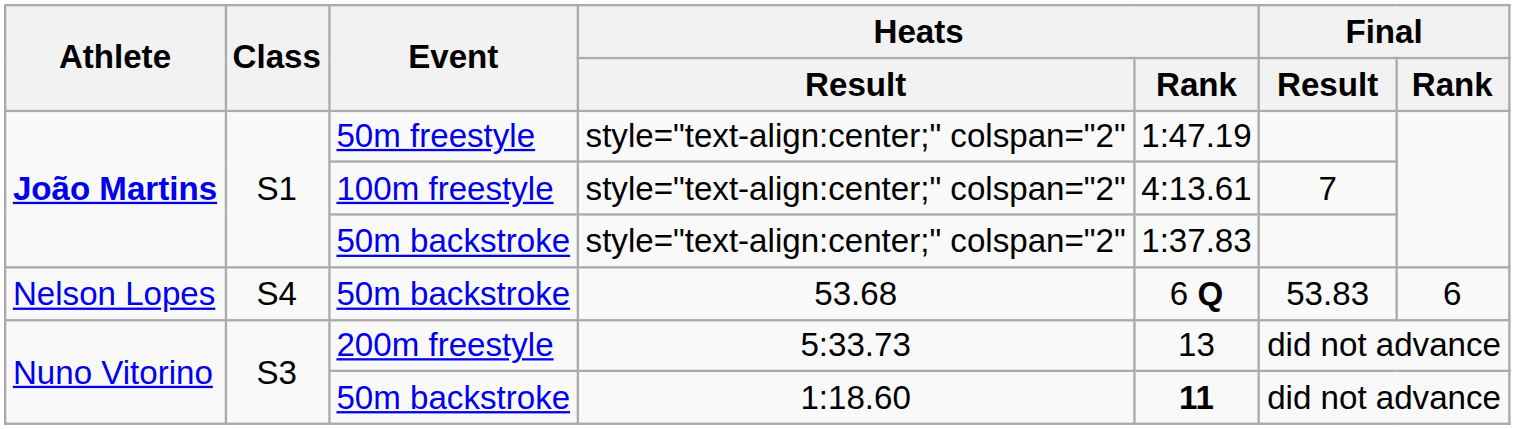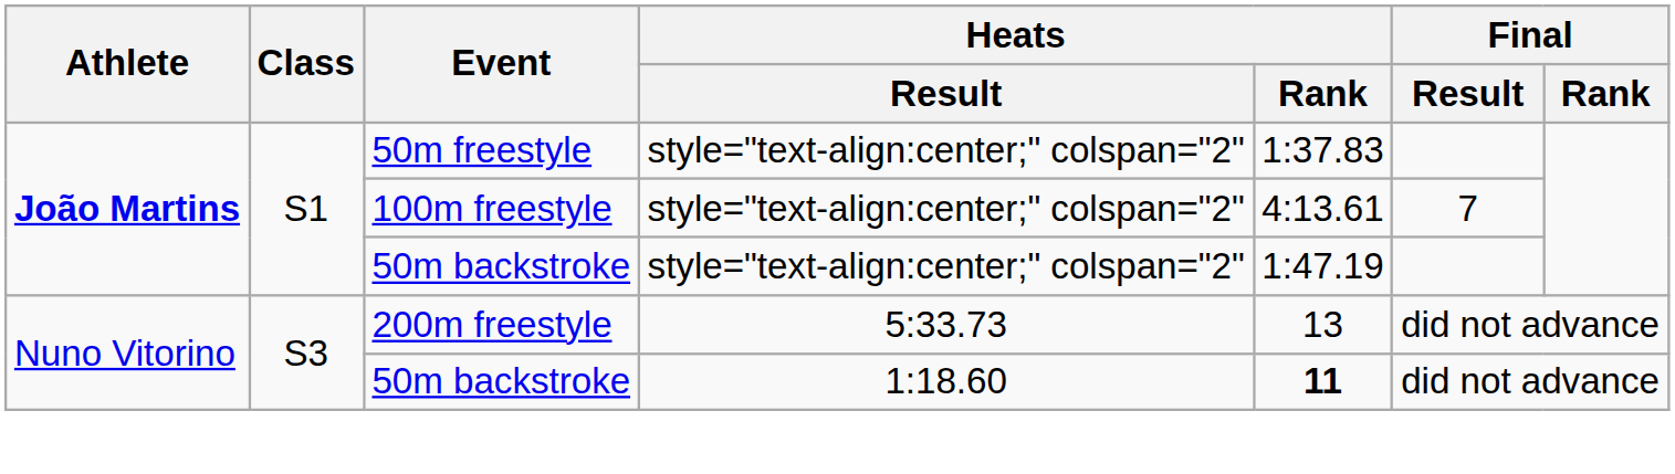 <table class=wikitable style="font-size:90%">
 <tr>
 <th rowspan="2">Athlete</th>
 <th rowspan="2">Class</th>
 <th rowspan="2">Event</th>
 <th colspan="2">Heats</th>
 <th colspan="2">Final</th>
 </tr>
 <tr>
 <th>Result</th>
 <th>Rank</th>
 <th>Result</th>
 <th>Rank</th>
 </tr>
 <tr>
 <td rowspan="3"><strong><a href='#'>João Martins</a></strong></td>
 <td rowspan="3" style="text-align:center;">S1</td>
 <td><a href='#'>50m freestyle</a></td>
 <td>style="text-align:center;" colspan="2" </td>
-<td style="text-align:center;">1:47.19</td>
+<td style="text-align:center;">1:37.83</td>
 <td style="text-align:center;"></td>
 </tr>
 <tr>
 <td><a href='#'>100m freestyle</a></td>
 <td>style="text-align:center;" colspan="2" </td>
 <td style="text-align:center;">4:13.61</td>
 <td style="text-align:center;">7</td>
 </tr>
 <tr>
 <td><a href='#'>50m backstroke</a></td>
 <td>style="text-align:center;" colspan="2" </td>
-<td style="text-align:center;">1:37.83</td>
+<td style="text-align:center;">1:47.19</td>
 <td style="text-align:center;"></td>
-</tr>
-<tr>
-<td><a href='#'>Nelson Lopes</a></td>
-<td style="text-align:center;">S4</td>
-<td><a href='#'>50m backstroke</a></td>
-<td style="text-align:center;">53.68</td>
-<td style="text-align:center;">6 <strong>Q</strong></td>
-<td style="text-align:center;">53.83</td>
-<td style="text-align:center;">6</td>
 </tr>
 <tr>
 <td rowspan="2"><a href='#'>Nuno Vitorino</a></td>
 <td rowspan="2" style="text-align:center;">S3</td>
 <td><a href='#'>200m freestyle</a></td>
 <td style="text-align:center;">5:33.73</td>
 <td style="text-align:center;">13</td>
 <td style="text-align:center;" colspan="2">did not advance</td>
 </tr>
 <tr>
 <td><a href='#'>50m backstroke</a></td>
 <td style="text-align:center;">1:18.60</td>
 <td style="text-align:center;"><strong>11</strong></td>
 <td style="text-align:center;" colspan="2">did not advance</td>
 </tr>
 </table>
